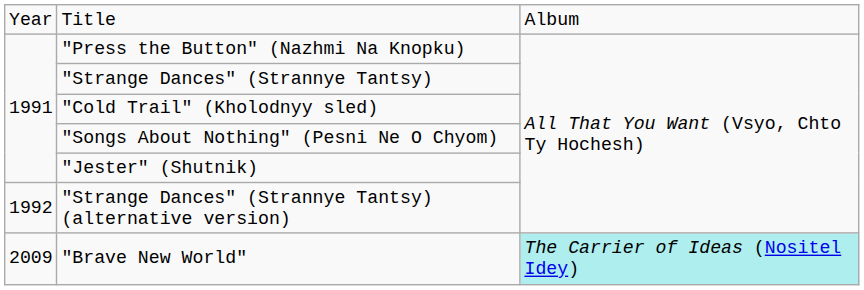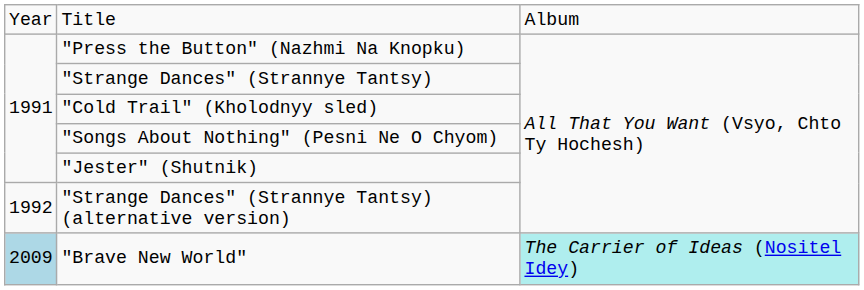 <table class="wikitable">
 <tr>
 <td>Year</td>
 <td>Title</td>
 <td>Album</td>
 </tr>
 <tr>
 <td rowspan="5">1991</td>
 <td>"Press the Button" (Nazhmi Na Knopku)</td>
 <td rowspan="6"><em>All That You Want</em> (Vsyo, Chto Ty Hochesh)</td>
 </tr>
 <tr>
 <td>"Strange Dances" (Strannye Tantsy)</td>
 </tr>
 <tr>
 <td>"Cold Trail" (Kholodnyy sled)</td>
 </tr>
 <tr>
 <td>"Songs About Nothing" (Pesni Ne O Chyom)</td>
 </tr>
 <tr>
 <td>"Jester" (Shutnik)</td>
 </tr>
 <tr>
 <td>1992</td>
 <td>"Strange Dances" (Strannye Tantsy) (alternative version)</td>
 </tr>
 <tr>
-<td>2009</td>
+<td style="background: lightblue;">2009</td>
 <td>"Brave New World"</td>
 <td style="background: paleturquoise;"><em>The Carrier of Ideas</em> (<a href='#'>Nositel Idey</a>)</td>
 </tr>
 </table>
